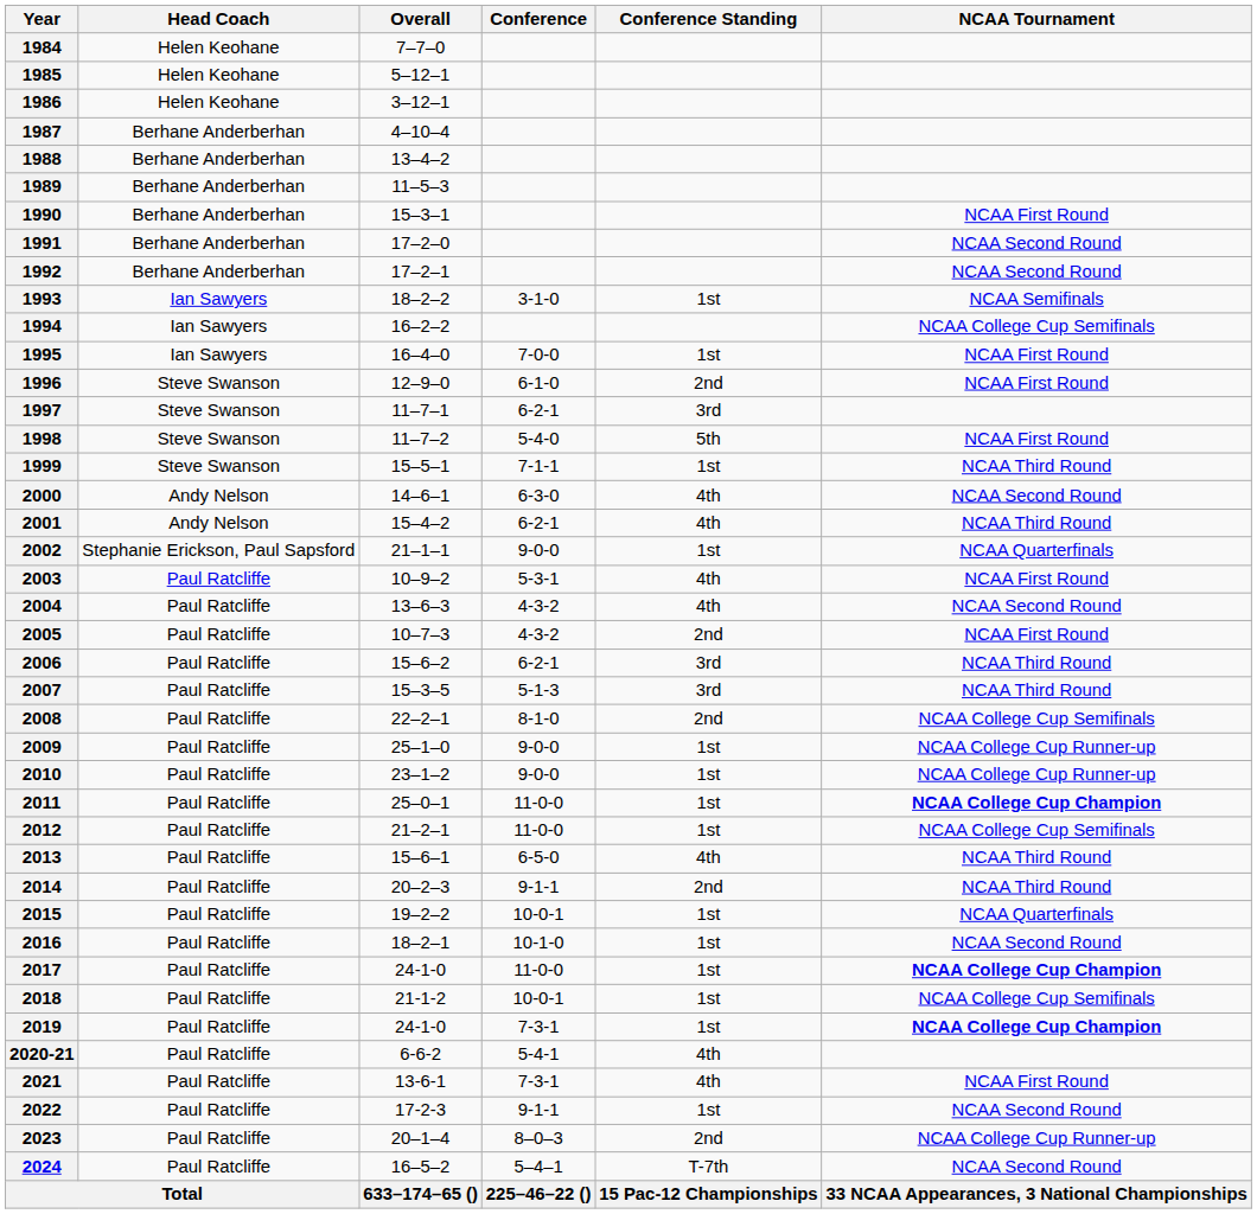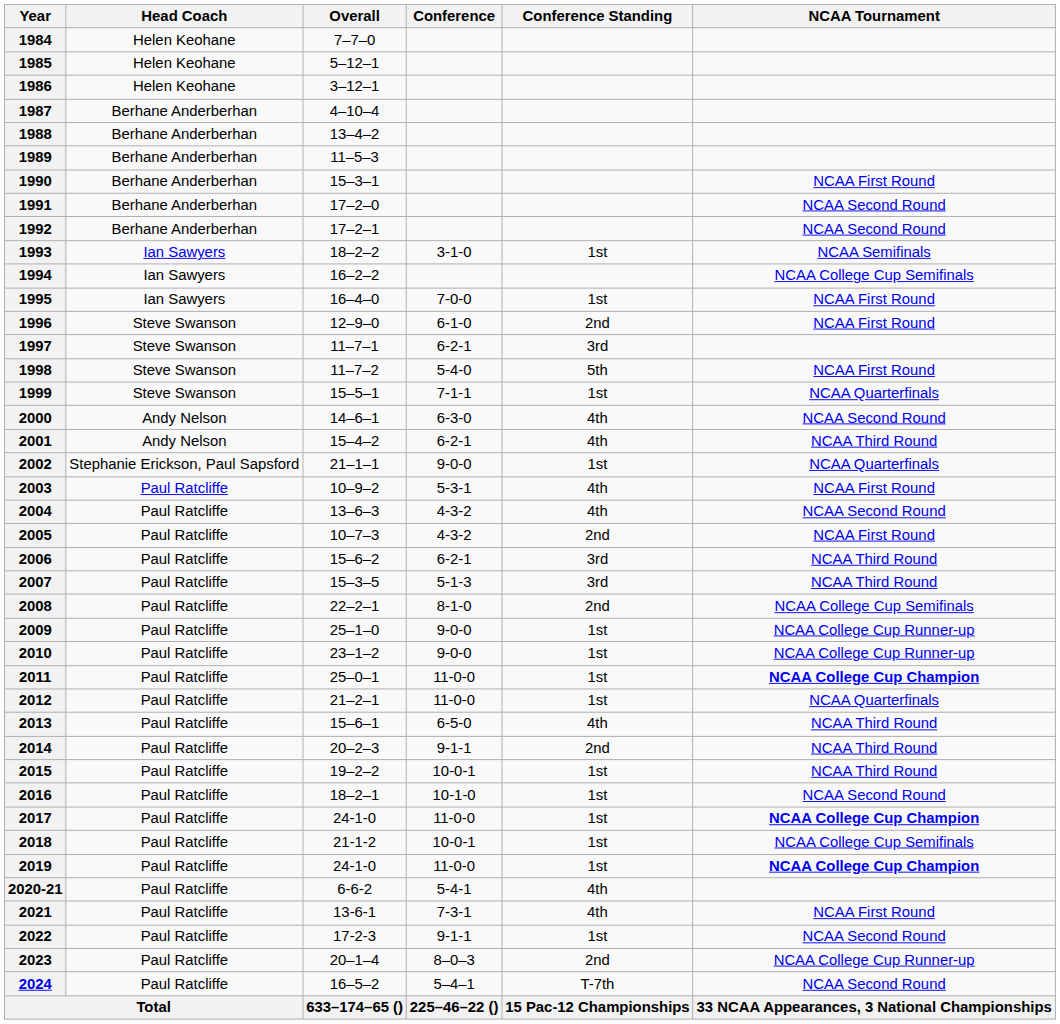 <table class="wikitable" style="text-align: center;">
 <tr>
 <th width=px>Year</th>
 <th width=px>Head Coach</th>
 <th width=px>Overall</th>
 <th width=px>Conference</th>
 <th width=px>Conference Standing</th>
 <th width=px>NCAA Tournament</th>
 </tr>
 <tr>
 <th>1984</th>
 <td>Helen Keohane</td>
 <td>7–7–0</td>
 <td></td>
 <td></td>
 <td></td>
 </tr>
 <tr>
 <th>1985</th>
 <td>Helen Keohane</td>
 <td>5–12–1</td>
 <td></td>
 <td></td>
 <td></td>
 </tr>
 <tr>
 <th>1986</th>
 <td>Helen Keohane</td>
 <td>3–12–1</td>
 <td></td>
 <td></td>
 <td></td>
 </tr>
 <tr>
 <th>1987</th>
 <td>Berhane Anderberhan</td>
 <td>4–10–4</td>
 <td></td>
 <td></td>
 <td></td>
 </tr>
 <tr>
 <th>1988</th>
 <td>Berhane Anderberhan</td>
 <td>13–4–2</td>
 <td></td>
 <td></td>
 <td></td>
 </tr>
 <tr>
 <th>1989</th>
 <td>Berhane Anderberhan</td>
 <td>11–5–3</td>
 <td></td>
 <td></td>
 <td></td>
 </tr>
 <tr>
 <th>1990</th>
 <td>Berhane Anderberhan</td>
 <td>15–3–1</td>
 <td></td>
 <td></td>
 <td><a href='#'>NCAA First Round</a></td>
 </tr>
 <tr>
 <th>1991</th>
 <td>Berhane Anderberhan</td>
 <td>17–2–0</td>
 <td></td>
 <td></td>
 <td><a href='#'>NCAA Second Round</a></td>
 </tr>
 <tr>
 <th>1992</th>
 <td>Berhane Anderberhan</td>
 <td>17–2–1</td>
 <td></td>
 <td></td>
 <td><a href='#'>NCAA Second Round</a></td>
 </tr>
 <tr>
 <th>1993</th>
 <td><a href='#'>Ian Sawyers</a></td>
 <td>18–2–2</td>
 <td>3-1-0</td>
 <td>1st</td>
 <td><a href='#'>NCAA Semifinals</a></td>
 </tr>
 <tr>
 <th>1994</th>
 <td>Ian Sawyers</td>
 <td>16–2–2</td>
 <td></td>
 <td></td>
 <td><a href='#'>NCAA College Cup Semifinals</a></td>
 </tr>
 <tr>
 <th>1995</th>
 <td>Ian Sawyers</td>
 <td>16–4–0</td>
 <td>7-0-0</td>
 <td>1st</td>
 <td><a href='#'>NCAA First Round</a></td>
 </tr>
 <tr>
 <th>1996</th>
 <td>Steve Swanson</td>
 <td>12–9–0</td>
 <td>6-1-0</td>
 <td>2nd</td>
 <td><a href='#'>NCAA First Round</a></td>
 </tr>
 <tr>
 <th>1997</th>
 <td>Steve Swanson</td>
 <td>11–7–1</td>
 <td>6-2-1</td>
 <td>3rd</td>
 <td></td>
 </tr>
 <tr>
 <th>1998</th>
 <td>Steve Swanson</td>
 <td>11–7–2</td>
 <td>5-4-0</td>
 <td>5th</td>
 <td><a href='#'>NCAA First Round</a></td>
 </tr>
 <tr>
 <th>1999</th>
 <td>Steve Swanson</td>
 <td>15–5–1</td>
 <td>7-1-1</td>
 <td>1st</td>
-<td><a href='#'>NCAA Third Round</a></td>
+<td><a href='#'>NCAA Quarterfinals</a></td>
 </tr>
 <tr>
 <th>2000</th>
 <td>Andy Nelson</td>
 <td>14–6–1</td>
 <td>6-3-0</td>
 <td>4th</td>
 <td><a href='#'>NCAA Second Round</a></td>
 </tr>
 <tr>
 <th>2001</th>
 <td>Andy Nelson</td>
 <td>15–4–2</td>
 <td>6-2-1</td>
 <td>4th</td>
 <td><a href='#'>NCAA Third Round</a></td>
 </tr>
 <tr>
 <th>2002</th>
 <td>Stephanie Erickson, Paul Sapsford</td>
 <td>21–1–1</td>
 <td>9-0-0</td>
 <td>1st</td>
 <td><a href='#'>NCAA Quarterfinals</a></td>
 </tr>
 <tr>
 <th>2003</th>
 <td><a href='#'>Paul Ratcliffe</a></td>
 <td>10–9–2</td>
 <td>5-3-1</td>
 <td>4th</td>
 <td><a href='#'>NCAA First Round</a></td>
 </tr>
 <tr>
 <th>2004</th>
 <td>Paul Ratcliffe</td>
 <td>13–6–3</td>
 <td>4-3-2</td>
 <td>4th</td>
 <td><a href='#'>NCAA Second Round</a></td>
 </tr>
 <tr>
 <th>2005</th>
 <td>Paul Ratcliffe</td>
 <td>10–7–3</td>
 <td>4-3-2</td>
 <td>2nd</td>
 <td><a href='#'>NCAA First Round</a></td>
 </tr>
 <tr>
 <th>2006</th>
 <td>Paul Ratcliffe</td>
 <td>15–6–2</td>
 <td>6-2-1</td>
 <td>3rd</td>
 <td><a href='#'>NCAA Third Round</a></td>
 </tr>
 <tr>
 <th>2007</th>
 <td>Paul Ratcliffe</td>
 <td>15–3–5</td>
 <td>5-1-3</td>
 <td>3rd</td>
 <td><a href='#'>NCAA Third Round</a></td>
 </tr>
 <tr>
 <th>2008</th>
 <td>Paul Ratcliffe</td>
 <td>22–2–1</td>
 <td>8-1-0</td>
 <td>2nd</td>
 <td><a href='#'>NCAA College Cup Semifinals</a></td>
 </tr>
 <tr>
 <th>2009</th>
 <td>Paul Ratcliffe</td>
 <td>25–1–0</td>
 <td>9-0-0</td>
 <td>1st</td>
 <td><a href='#'>NCAA College Cup Runner-up</a></td>
 </tr>
 <tr>
 <th>2010</th>
 <td>Paul Ratcliffe</td>
 <td>23–1–2</td>
 <td>9-0-0</td>
 <td>1st</td>
 <td><a href='#'>NCAA College Cup Runner-up</a></td>
 </tr>
 <tr>
 <th>2011</th>
 <td>Paul Ratcliffe</td>
 <td>25–0–1</td>
 <td>11-0-0</td>
 <td>1st</td>
 <td><a href='#'><strong>NCAA College Cup Champion</strong></a></td>
 </tr>
 <tr>
 <th>2012</th>
 <td>Paul Ratcliffe</td>
 <td>21–2–1</td>
 <td>11-0-0</td>
 <td>1st</td>
-<td><a href='#'>NCAA College Cup Semifinals</a></td>
+<td><a href='#'>NCAA Quarterfinals</a></td>
 </tr>
 <tr>
 <th>2013</th>
 <td>Paul Ratcliffe</td>
 <td>15–6–1</td>
 <td>6-5-0</td>
 <td>4th</td>
 <td><a href='#'>NCAA Third Round</a></td>
 </tr>
 <tr>
 <th>2014</th>
 <td>Paul Ratcliffe</td>
 <td>20–2–3</td>
 <td>9-1-1</td>
 <td>2nd</td>
 <td><a href='#'>NCAA Third Round</a></td>
 </tr>
 <tr>
 <th>2015</th>
 <td>Paul Ratcliffe</td>
 <td>19–2–2</td>
 <td>10-0-1</td>
 <td>1st</td>
-<td><a href='#'>NCAA Quarterfinals</a></td>
+<td><a href='#'>NCAA Third Round</a></td>
 </tr>
 <tr>
 <th>2016</th>
 <td>Paul Ratcliffe</td>
 <td>18–2–1</td>
 <td>10-1-0</td>
 <td>1st</td>
 <td><a href='#'>NCAA Second Round</a></td>
 </tr>
 <tr>
 <th>2017</th>
 <td>Paul Ratcliffe</td>
 <td>24-1-0</td>
 <td>11-0-0</td>
 <td>1st</td>
 <td><a href='#'><strong>NCAA College Cup Champion</strong></a></td>
 </tr>
 <tr>
 <th>2018</th>
 <td>Paul Ratcliffe</td>
 <td>21-1-2</td>
 <td>10-0-1</td>
 <td>1st</td>
 <td><a href='#'>NCAA College Cup Semifinals</a></td>
 </tr>
 <tr>
 <th>2019</th>
 <td>Paul Ratcliffe</td>
 <td>24-1-0</td>
-<td>7-3-1</td>
+<td>11-0-0</td>
 <td>1st</td>
 <td><a href='#'><strong>NCAA College Cup Champion</strong></a></td>
 </tr>
 <tr>
 <th>2020-21</th>
 <td>Paul Ratcliffe</td>
 <td>6-6-2</td>
 <td>5-4-1</td>
 <td>4th</td>
 <td></td>
 </tr>
 <tr>
 <th>2021</th>
 <td>Paul Ratcliffe</td>
 <td>13-6-1</td>
 <td>7-3-1</td>
 <td>4th</td>
 <td><a href='#'>NCAA First Round</a></td>
 </tr>
 <tr>
 <th>2022</th>
 <td>Paul Ratcliffe</td>
 <td>17-2-3</td>
 <td>9-1-1</td>
 <td>1st</td>
 <td><a href='#'>NCAA Second Round</a></td>
 </tr>
 <tr>
 <th>2023</th>
 <td>Paul Ratcliffe</td>
 <td>20–1–4</td>
 <td>8–0–3</td>
 <td>2nd</td>
 <td><a href='#'>NCAA College Cup Runner-up</a></td>
 </tr>
 <tr>
 <th><a href='#'>2024</a></th>
 <td>Paul Ratcliffe</td>
 <td>16–5–2</td>
 <td>5–4–1</td>
 <td>T-7th</td>
 <td><a href='#'>NCAA Second Round</a></td>
 </tr>
 <tr>
 <th colspan=2>Total</th>
 <th>633–174–65 ()</th>
 <th>225–46–22 ()</th>
 <th>15 Pac-12 Championships</th>
 <th>33 NCAA Appearances, 3 National Championships</th>
 </tr>
 </table>
